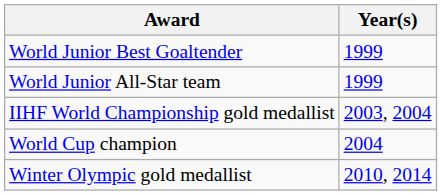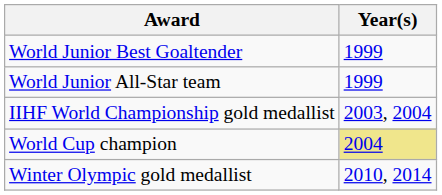 <table class="wikitable">
 <tr>
 <th>Award</th>
 <th>Year(s)</th>
 </tr>
 <tr>
 <td><a href='#'>World Junior Best Goaltender</a></td>
 <td><a href='#'>1999</a></td>
 </tr>
 <tr>
 <td><a href='#'>World Junior</a> All-Star team</td>
 <td><a href='#'>1999</a></td>
 </tr>
 <tr>
 <td><a href='#'>IIHF World Championship</a> gold medallist</td>
 <td><a href='#'>2003</a>, <a href='#'>2004</a></td>
 </tr>
 <tr>
 <td><a href='#'>World Cup</a> champion</td>
-<td><a href='#'>2004</a></td>
+<td style="background: khaki;"><a href='#'>2004</a></td>
 </tr>
 <tr>
 <td><a href='#'>Winter Olympic</a> gold medallist</td>
 <td><a href='#'>2010</a>, <a href='#'>2014</a></td>
 </tr>
 </table>
